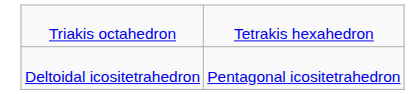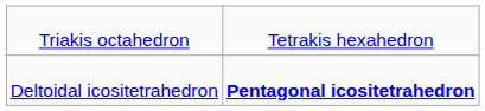 <table class=wikitable align=right>
 <tr align=center>
 <td><br><a href='#'>Triakis octahedron</a></td>
 <td><br><a href='#'>Tetrakis hexahedron</a></td>
 </tr>
 <tr align=center>
 <td><br><a href='#'>Deltoidal icositetrahedron</a></td>
-<td><br><a href='#'>Pentagonal icositetrahedron</a></td>
+<td><strong><br><a href='#'>Pentagonal icositetrahedron</a></strong></td>
 </tr>
 </table>
